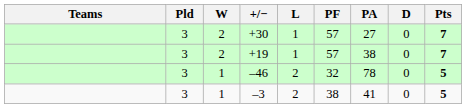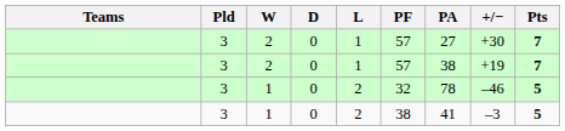 <table class="wikitable" style="text-align: center;">
 <tr>
 <th width="200">Teams</th>
 <th width="40">Pld</th>
 <th width="40">W</th>
-<th width="40">+/−</th>
+<th width="40">D</th>
 <th width="40">L</th>
 <th width="40">PF</th>
 <th width="40">PA</th>
-<th width="40">D</th>
+<th width="40">+/−</th>
 <th width="40">Pts</th>
 </tr>
 <tr bgcolor=#ccffcc>
 <td align=left></td>
 <td>3</td>
 <td>2</td>
-<td>+30</td>
+<td>0</td>
 <td>1</td>
 <td>57</td>
 <td>27</td>
-<td>0</td>
+<td>+30</td>
 <td><strong>7</strong></td>
 </tr>
 <tr bgcolor=#ccffcc>
 <td align=left></td>
 <td>3</td>
 <td>2</td>
-<td>+19</td>
+<td>0</td>
 <td>1</td>
 <td>57</td>
 <td>38</td>
-<td>0</td>
+<td>+19</td>
 <td><strong>7</strong></td>
 </tr>
 <tr bgcolor=#ccffcc>
 <td align=left></td>
 <td>3</td>
 <td>1</td>
-<td>–46</td>
+<td>0</td>
 <td>2</td>
 <td>32</td>
 <td>78</td>
-<td>0</td>
+<td>–46</td>
 <td><strong>5</strong></td>
 </tr>
 <tr>
 <td align=left></td>
 <td>3</td>
 <td>1</td>
-<td>–3</td>
+<td>0</td>
 <td>2</td>
 <td>38</td>
 <td>41</td>
-<td>0</td>
+<td>–3</td>
 <td><strong>5</strong></td>
 </tr>
 </table>
